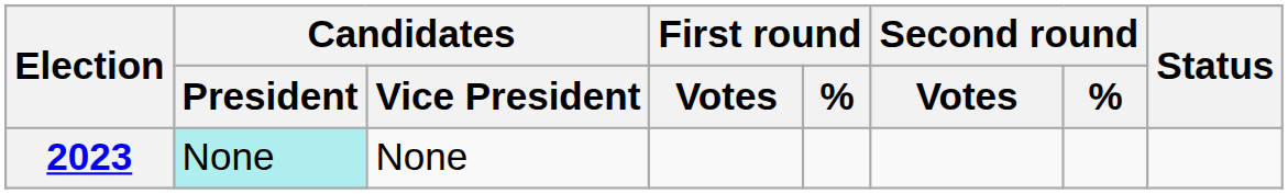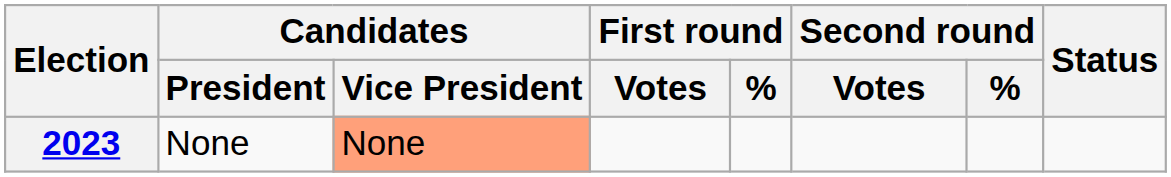 <table class="wikitable" style="text-align:left;">
 <tr>
 <th rowspan=2>Election</th>
 <th colspan=2>Candidates</th>
 <th colspan=2>First round</th>
 <th colspan=2>Second round</th>
 <th rowspan=2>Status</th>
 </tr>
 <tr>
 <th>President</th>
 <th>Vice President</th>
 <th>Votes</th>
 <th>%</th>
 <th>Votes</th>
 <th>%</th>
 </tr>
 <tr>
 <th><a href='#'>2023</a></th>
-<td style="background: paleturquoise;">None</td>
 <td>None</td>
+<td style="background: lightsalmon;">None</td>
 <td></td>
 <td></td>
 <td></td>
 <td></td>
 <td></td>
 </tr>
 </table>
